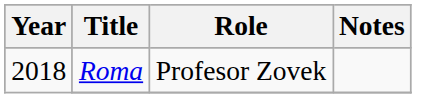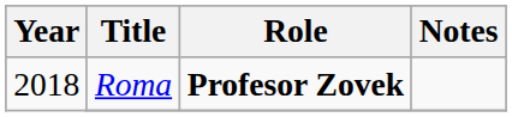 <table class="wikitable sortable">
 <tr>
 <th>Year</th>
 <th>Title</th>
 <th>Role</th>
 <th class="unsortable">Notes</th>
 </tr>
 <tr>
 <td rowspan="2">2018</td>
 <td><em><a href='#'>Roma</a></em></td>
-<td>Profesor Zovek</td>
+<td><strong>Profesor Zovek</strong></td>
 <td></td>
 </tr>
 <tr>
 </tr>
 </table>
